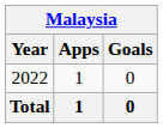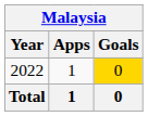 <table class="wikitable" style="text-align:center">
 <tr>
 <th colspan=3><a href='#'>Malaysia</a></th>
 </tr>
 <tr>
 <th>Year</th>
 <th>Apps</th>
 <th>Goals</th>
 </tr>
 <tr>
 <td>2022</td>
 <td>1</td>
-<td>0</td>
+<td style="background: gold;">0</td>
 </tr>
 <tr>
 <th>Total</th>
 <th>1</th>
 <th>0</th>
 </tr>
 </table>
